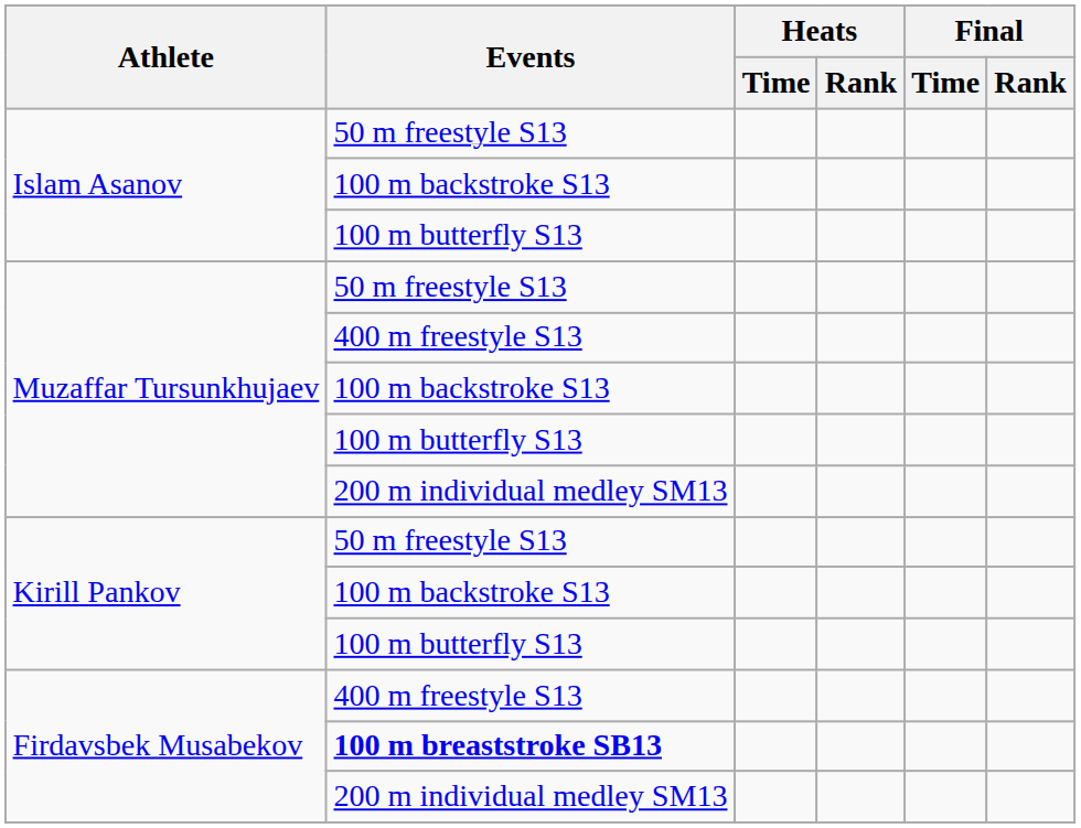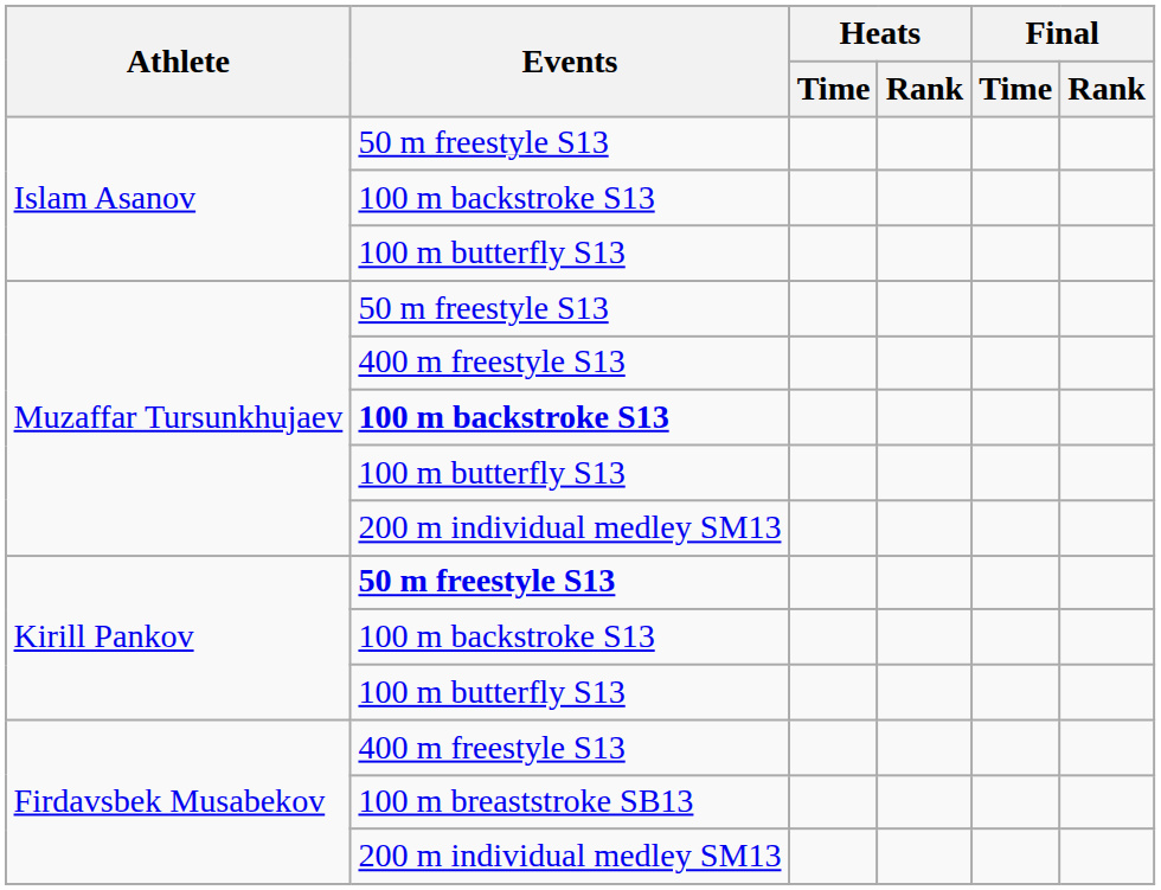 <table class=wikitable style="font-size:90%">
 <tr>
 <th rowspan="2">Athlete</th>
 <th rowspan="2">Events</th>
 <th colspan="2">Heats</th>
 <th colspan="2">Final</th>
 </tr>
 <tr>
 <th>Time</th>
 <th>Rank</th>
 <th>Time</th>
 <th>Rank</th>
 </tr>
 <tr align=center>
 <td align=left rowspan=3><a href='#'>Islam Asanov</a></td>
 <td align=left><a href='#'>50 m freestyle S13</a></td>
 <td></td>
 <td></td>
 <td></td>
 <td></td>
 </tr>
 <tr align=center>
 <td align=left><a href='#'>100 m backstroke S13</a></td>
 <td></td>
 <td></td>
 <td></td>
 <td></td>
 </tr>
 <tr align=center>
 <td align=left><a href='#'>100 m butterfly S13</a></td>
 <td></td>
 <td></td>
 <td></td>
 <td></td>
 </tr>
 <tr align=center>
 <td align=left rowspan=5><a href='#'>Muzaffar Tursunkhujaev</a></td>
 <td align=left><a href='#'>50 m freestyle S13</a></td>
 <td></td>
 <td></td>
 <td></td>
 <td></td>
 </tr>
 <tr align=center>
 <td align=left><a href='#'>400 m freestyle S13</a></td>
 <td></td>
 <td></td>
 <td></td>
 <td></td>
 </tr>
 <tr align=center>
-<td align=left><a href='#'>100 m backstroke S13</a></td>
+<td align=left><strong><a href='#'>100 m backstroke S13</a></strong></td>
 <td></td>
 <td></td>
 <td></td>
 <td></td>
 </tr>
 <tr align=center>
 <td align=left><a href='#'>100 m butterfly S13</a></td>
 <td></td>
 <td></td>
 <td></td>
 <td></td>
 </tr>
 <tr align=center>
 <td align=left><a href='#'>200 m individual medley SM13</a></td>
 <td></td>
 <td></td>
 <td></td>
 <td></td>
 </tr>
 <tr align=center>
 <td align=left rowspan=3><a href='#'>Kirill Pankov</a></td>
-<td align=left><a href='#'>50 m freestyle S13</a></td>
+<td align=left><strong><a href='#'>50 m freestyle S13</a></strong></td>
 <td></td>
 <td></td>
 <td></td>
 <td></td>
 </tr>
 <tr align=center>
 <td align=left><a href='#'>100 m backstroke S13</a></td>
 <td></td>
 <td></td>
 <td></td>
 <td></td>
 </tr>
 <tr align=center>
 <td align=left><a href='#'>100 m butterfly S13</a></td>
 <td></td>
 <td></td>
 <td></td>
 <td></td>
 </tr>
 <tr align=center>
 <td align=left rowspan=3><a href='#'>Firdavsbek Musabekov</a></td>
 <td align=left><a href='#'>400 m freestyle S13</a></td>
 <td></td>
 <td></td>
 <td></td>
 <td></td>
 </tr>
 <tr align=center>
-<td align=left><strong><a href='#'>100 m breaststroke SB13</a></strong></td>
+<td align=left><a href='#'>100 m breaststroke SB13</a></td>
 <td></td>
 <td></td>
 <td></td>
 <td></td>
 </tr>
 <tr align=center>
 <td align=left><a href='#'>200 m individual medley SM13</a></td>
 <td></td>
 <td></td>
 <td></td>
 <td></td>
 </tr>
 </table>
